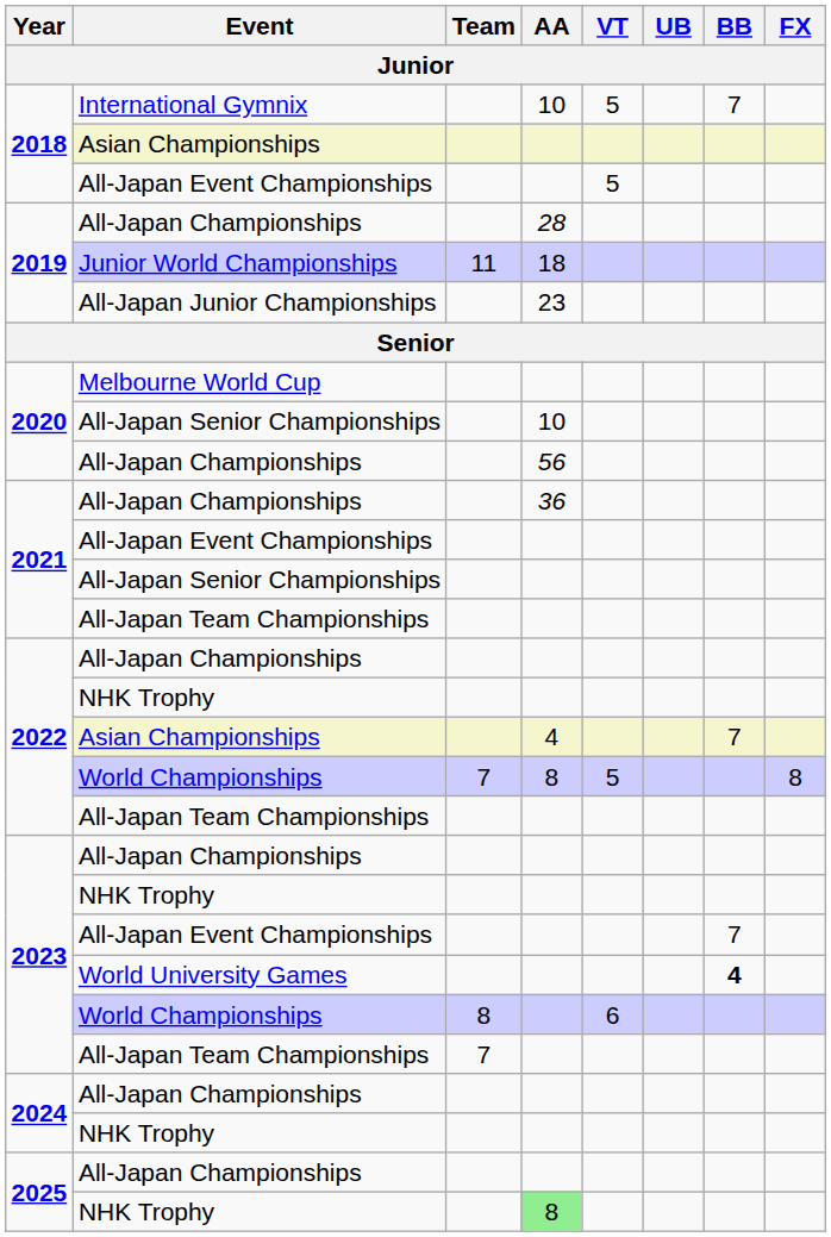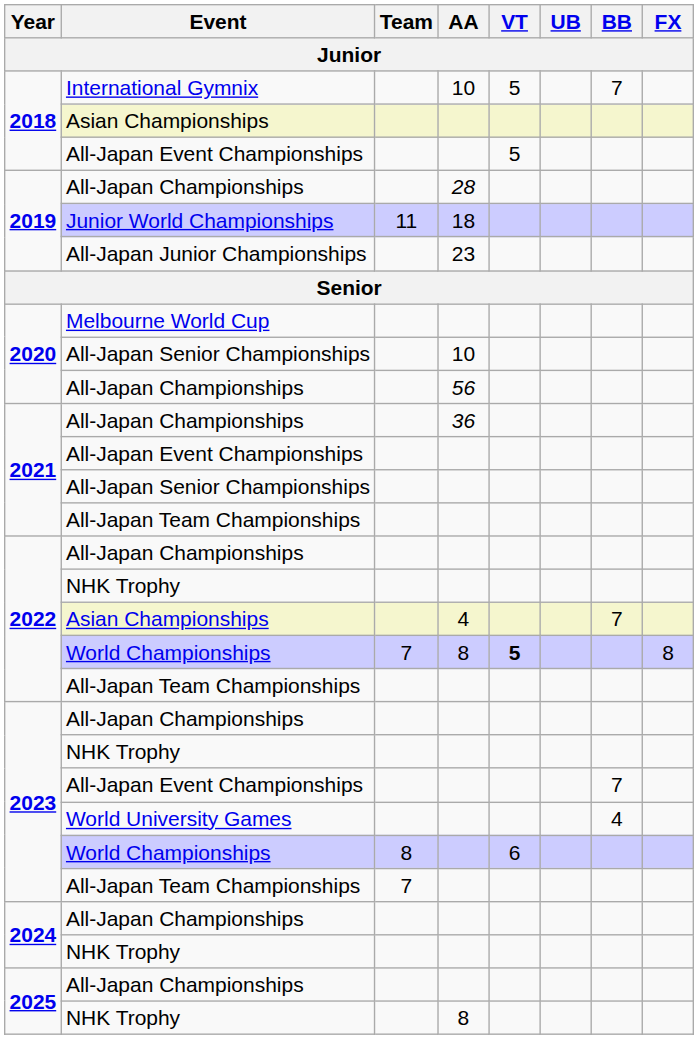 <table class="wikitable" style="text-align:center; font-size:95%;">
 <tr>
 <th align=center>Year</th>
 <th align=center>Event</th>
 <th style="width:30px;">Team</th>
 <th style="width:30px;">AA</th>
 <th style="width:30px;"><a href='#'>VT</a></th>
 <th style="width:30px;"><a href='#'>UB</a></th>
 <th style="width:30px;"><a href='#'>BB</a></th>
 <th style="width:30px;"><a href='#'>FX</a></th>
 </tr>
 <tr>
 <th colspan="8">Junior</th>
 </tr>
 <tr>
 <td rowspan="3"><strong><a href='#'>2018</a></strong></td>
 <td align=left><a href='#'>International Gymnix</a></td>
 <td></td>
 <td>10</td>
 <td>5</td>
 <td></td>
 <td>7</td>
 <td></td>
 </tr>
 <tr bgcolor=#F5F6CE>
 <td align=left>Asian Championships</td>
 <td></td>
 <td></td>
 <td></td>
 <td></td>
 <td></td>
 <td></td>
 </tr>
 <tr>
 <td align=left>All-Japan Event Championships</td>
 <td></td>
 <td></td>
 <td>5</td>
 <td></td>
 <td></td>
 <td></td>
 </tr>
 <tr>
 <td rowspan="3"><strong><a href='#'>2019</a></strong></td>
 <td align=left>All-Japan Championships</td>
 <td></td>
 <td><em>28</em></td>
 <td></td>
 <td></td>
 <td></td>
 <td></td>
 </tr>
 <tr bgcolor=#CCCCFF>
 <td align=left><a href='#'>Junior World Championships</a></td>
 <td>11</td>
 <td>18</td>
 <td></td>
 <td></td>
 <td></td>
 <td></td>
 </tr>
 <tr>
 <td align=left>All-Japan Junior Championships</td>
 <td></td>
 <td>23</td>
 <td></td>
 <td></td>
 <td></td>
 <td></td>
 </tr>
 <tr>
 <th colspan="8">Senior</th>
 </tr>
 <tr>
 <td rowspan="3"><strong><a href='#'>2020</a></strong></td>
 <td align=left><a href='#'>Melbourne World Cup</a></td>
 <td></td>
 <td></td>
 <td></td>
 <td></td>
 <td></td>
 <td></td>
 </tr>
 <tr>
 <td align=left>All-Japan Senior Championships</td>
 <td></td>
 <td>10</td>
 <td></td>
 <td></td>
 <td></td>
 <td></td>
 </tr>
 <tr>
 <td align=left>All-Japan Championships</td>
 <td></td>
 <td><em>56</em></td>
 <td></td>
 <td></td>
 <td></td>
 <td></td>
 </tr>
 <tr>
 <td rowspan="4"><strong><a href='#'>2021</a></strong></td>
 <td align=left>All-Japan Championships</td>
 <td></td>
 <td><em>36</em></td>
 <td></td>
 <td></td>
 <td></td>
 <td></td>
 </tr>
 <tr>
 <td align=left>All-Japan Event Championships</td>
 <td></td>
 <td></td>
 <td></td>
 <td></td>
 <td></td>
 <td></td>
 </tr>
 <tr>
 <td align=left>All-Japan Senior Championships</td>
 <td></td>
 <td></td>
 <td></td>
 <td></td>
 <td></td>
 <td></td>
 </tr>
 <tr>
 <td align=left>All-Japan Team Championships</td>
 <td></td>
 <td></td>
 <td></td>
 <td></td>
 <td></td>
 <td></td>
 </tr>
 <tr>
 <td rowspan="5"><strong><a href='#'>2022</a></strong></td>
 <td align=left>All-Japan Championships</td>
 <td></td>
 <td></td>
 <td></td>
 <td></td>
 <td></td>
 <td></td>
 </tr>
 <tr>
 <td align=left>NHK Trophy</td>
 <td></td>
 <td></td>
 <td></td>
 <td></td>
 <td></td>
 <td></td>
 </tr>
 <tr bgcolor=#F5F6CE>
 <td align=left><a href='#'>Asian Championships</a></td>
 <td></td>
 <td>4</td>
 <td></td>
 <td></td>
 <td>7</td>
 <td></td>
 </tr>
 <tr bgcolor=#CCCCFF>
 <td align=left><a href='#'>World Championships</a></td>
 <td>7</td>
 <td>8</td>
-<td>5</td>
+<td><strong>5</strong></td>
 <td></td>
 <td></td>
 <td>8</td>
 </tr>
 <tr>
 <td align=left>All-Japan Team Championships</td>
 <td></td>
 <td></td>
 <td></td>
 <td></td>
 <td></td>
 <td></td>
 </tr>
 <tr>
 <td rowspan="6"><strong><a href='#'>2023</a></strong></td>
 <td align=left>All-Japan Championships</td>
 <td></td>
 <td></td>
 <td></td>
 <td></td>
 <td></td>
 <td></td>
 </tr>
 <tr>
 <td align=left>NHK Trophy</td>
 <td></td>
 <td></td>
 <td></td>
 <td></td>
 <td></td>
 <td></td>
 </tr>
 <tr>
 <td align=left>All-Japan Event Championships</td>
 <td></td>
 <td></td>
 <td></td>
 <td></td>
 <td>7</td>
 <td></td>
 </tr>
 <tr>
 <td align=left><a href='#'>World University Games</a></td>
 <td></td>
 <td></td>
 <td></td>
 <td></td>
-<td><strong>4</strong></td>
+<td>4</td>
 <td></td>
 </tr>
 <tr bgcolor=#CCCCFF>
 <td align=left><a href='#'>World Championships</a></td>
 <td>8</td>
 <td></td>
 <td>6</td>
 <td></td>
 <td></td>
 <td></td>
 </tr>
 <tr>
 <td align=left>All-Japan Team Championships</td>
 <td>7</td>
 <td></td>
 <td></td>
 <td></td>
 <td></td>
 <td></td>
 </tr>
 <tr>
 <td rowspan="2"><strong><a href='#'>2024</a></strong></td>
 <td align=left>All-Japan Championships</td>
 <td></td>
 <td></td>
 <td></td>
 <td></td>
 <td></td>
 <td></td>
 </tr>
 <tr>
 <td align=left>NHK Trophy</td>
 <td></td>
 <td></td>
 <td></td>
 <td></td>
 <td></td>
 <td></td>
 </tr>
 <tr>
 <td rowspan="2"><strong><a href='#'>2025</a></strong></td>
 <td align=left>All-Japan Championships</td>
 <td></td>
 <td></td>
 <td></td>
 <td></td>
 <td></td>
 <td></td>
 </tr>
 <tr>
 <td align=left>NHK Trophy</td>
 <td></td>
-<td style="background: lightgreen;">8</td>
+<td>8</td>
 <td></td>
 <td></td>
 <td></td>
 <td></td>
 </tr>
 </table>
